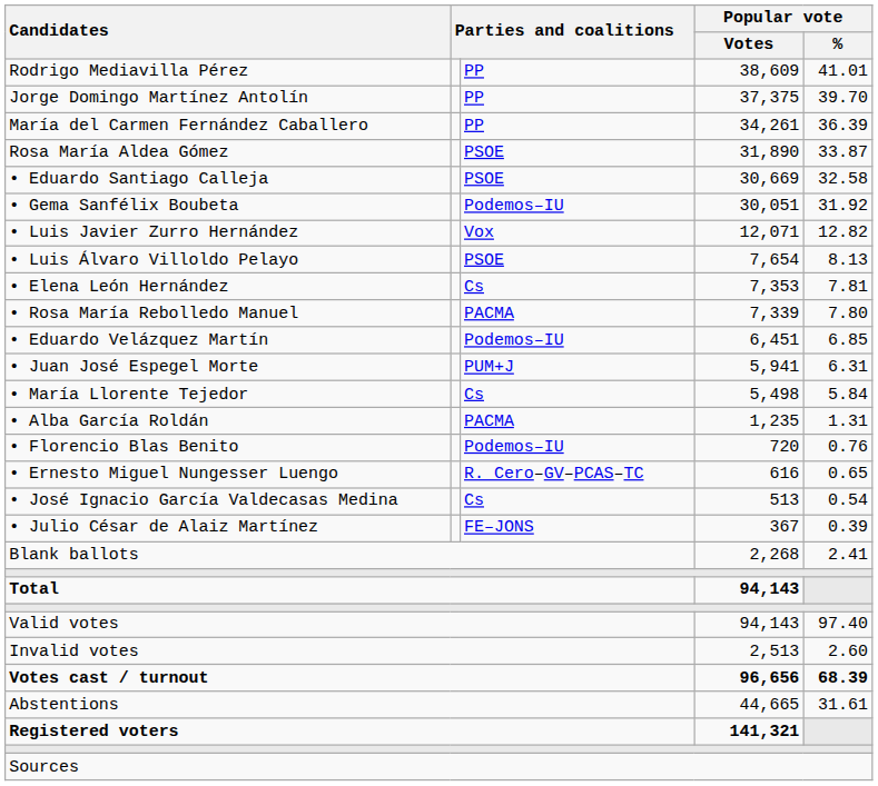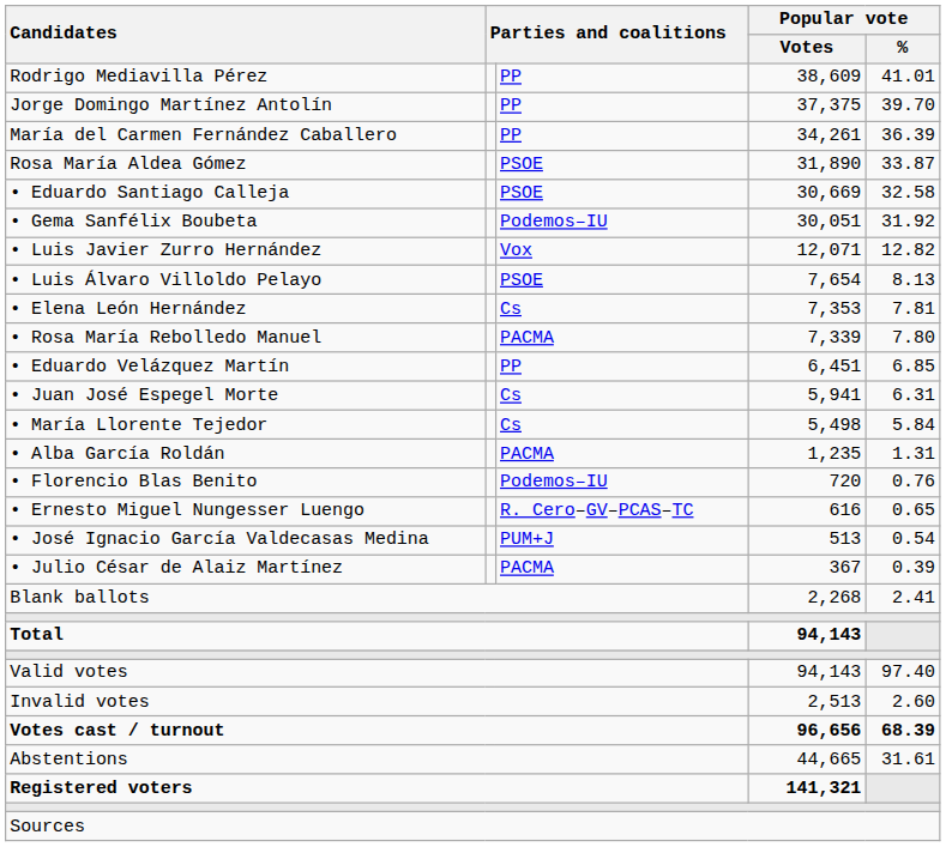 <table class="wikitable" style="text-align:right; font-size:95%;">
 <tr>
 <th style="text-align:left;" rowspan="2" width="325">Candidates</th>
 <th style="text-align:left;" rowspan="2" colspan="2" width="175">Parties and coalitions</th>
 <th colspan="2">Popular vote</th>
 </tr>
 <tr>
 <th width="75">Votes</th>
 <th width="45">%</th>
 </tr>
 <tr>
 <td align="left"> Rodrigo Mediavilla Pérez</td>
 <td width="1" style="color:inherit;background:"></td>
 <td align="left"><a href='#'>PP</a></td>
 <td>38,609</td>
 <td>41.01</td>
 </tr>
 <tr>
 <td align="left"> Jorge Domingo Martínez Antolín</td>
 <td style="color:inherit;background:"></td>
 <td align="left"><a href='#'>PP</a></td>
 <td>37,375</td>
 <td>39.70</td>
 </tr>
 <tr>
 <td align="left"> María del Carmen Fernández Caballero</td>
 <td style="color:inherit;background:"></td>
 <td align="left"><a href='#'>PP</a></td>
 <td>34,261</td>
 <td>36.39</td>
 </tr>
 <tr>
 <td align="left"> Rosa María Aldea Gómez</td>
 <td style="color:inherit;background:"></td>
 <td align="left"><a href='#'>PSOE</a></td>
 <td>31,890</td>
 <td>33.87</td>
 </tr>
 <tr>
 <td align="left">• Eduardo Santiago Calleja</td>
 <td style="color:inherit;background:"></td>
 <td align="left"><a href='#'>PSOE</a></td>
 <td>30,669</td>
 <td>32.58</td>
 </tr>
 <tr>
 <td align="left">• Gema Sanfélix Boubeta</td>
 <td style="color:inherit;background:"></td>
 <td align="left"><a href='#'>Podemos–IU</a></td>
 <td>30,051</td>
 <td>31.92</td>
 </tr>
 <tr>
 <td align="left">• Luis Javier Zurro Hernández</td>
 <td style="color:inherit;background:"></td>
 <td align="left"><a href='#'>Vox</a></td>
 <td>12,071</td>
 <td>12.82</td>
 </tr>
 <tr>
 <td align="left">• Luis Álvaro Villoldo Pelayo</td>
 <td style="color:inherit;background:"></td>
 <td align="left"><a href='#'>PSOE</a></td>
 <td>7,654</td>
 <td>8.13</td>
 </tr>
 <tr>
 <td align="left">• Elena León Hernández</td>
 <td style="color:inherit;background:"></td>
 <td align="left"><a href='#'>Cs</a></td>
 <td>7,353</td>
 <td>7.81</td>
 </tr>
 <tr>
 <td align="left">• Rosa María Rebolledo Manuel</td>
 <td style="color:inherit;background:"></td>
 <td align="left"><a href='#'>PACMA</a></td>
 <td>7,339</td>
 <td>7.80</td>
 </tr>
 <tr>
 <td align="left">• Eduardo Velázquez Martín</td>
 <td style="color:inherit;background:"></td>
-<td align="left"><a href='#'>Podemos–IU</a></td>
+<td align="left"><a href='#'>PP</a></td>
 <td>6,451</td>
 <td>6.85</td>
 </tr>
 <tr>
 <td align="left">• Juan José Espegel Morte</td>
 <td style="color:inherit;background:"></td>
-<td align="left"><a href='#'>PUM+J</a></td>
+<td align="left"><a href='#'>Cs</a></td>
 <td>5,941</td>
 <td>6.31</td>
 </tr>
 <tr>
 <td align="left">• María Llorente Tejedor</td>
 <td style="color:inherit;background:"></td>
 <td align="left"><a href='#'>Cs</a></td>
 <td>5,498</td>
 <td>5.84</td>
 </tr>
 <tr>
 <td align="left">• Alba García Roldán</td>
 <td style="color:inherit;background:"></td>
 <td align="left"><a href='#'>PACMA</a></td>
 <td>1,235</td>
 <td>1.31</td>
 </tr>
 <tr>
 <td align="left">• Florencio Blas Benito</td>
 <td style="color:inherit;background:"></td>
 <td align="left"><a href='#'>Podemos–IU</a></td>
 <td>720</td>
 <td>0.76</td>
 </tr>
 <tr>
 <td align="left">• Ernesto Miguel Nungesser Luengo</td>
 <td style="color:inherit;background:"></td>
 <td align="left"><a href='#'>R. Cero</a>–<a href='#'>GV</a>–<a href='#'>PCAS</a>–<a href='#'>TC</a></td>
 <td>616</td>
 <td>0.65</td>
 </tr>
 <tr>
 <td align="left">• José Ignacio García Valdecasas Medina</td>
 <td style="color:inherit;background:"></td>
-<td align="left"><a href='#'>Cs</a></td>
+<td align="left"><a href='#'>PUM+J</a></td>
 <td>513</td>
 <td>0.54</td>
 </tr>
 <tr>
 <td align="left">• Julio César de Alaiz Martínez</td>
 <td style="color:inherit;background:"></td>
-<td align="left"><a href='#'>FE–JONS</a></td>
+<td align="left"><a href='#'>PACMA</a></td>
 <td>367</td>
 <td>0.39</td>
 </tr>
 <tr>
 <td align="left" colspan="3">Blank ballots</td>
 <td>2,268</td>
 <td>2.41</td>
 </tr>
 <tr>
 <td colspan="5" bgcolor="#E9E9E9"></td>
 </tr>
 <tr style="font-weight:bold;">
 <td align="left" colspan="3">Total</td>
 <td>94,143</td>
 <td bgcolor="#E9E9E9"></td>
 </tr>
 <tr>
 <td colspan="5" bgcolor="#E9E9E9"></td>
 </tr>
 <tr>
 <td align="left" colspan="3">Valid votes</td>
 <td>94,143</td>
 <td>97.40</td>
 </tr>
 <tr>
 <td align="left" colspan="3">Invalid votes</td>
 <td>2,513</td>
 <td>2.60</td>
 </tr>
 <tr style="font-weight:bold;">
 <td align="left" colspan="3">Votes cast / turnout</td>
 <td>96,656</td>
 <td>68.39</td>
 </tr>
 <tr>
 <td align="left" colspan="3">Abstentions</td>
 <td>44,665</td>
 <td>31.61</td>
 </tr>
 <tr style="font-weight:bold;">
 <td align="left" colspan="3">Registered voters</td>
 <td>141,321</td>
 <td bgcolor="#E9E9E9"></td>
 </tr>
 <tr>
 <td colspan="5" bgcolor="#E9E9E9"></td>
 </tr>
 <tr>
 <td align="left" colspan="5">Sources</td>
 </tr>
 </table>
